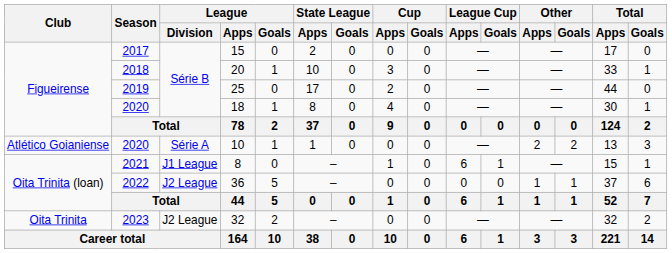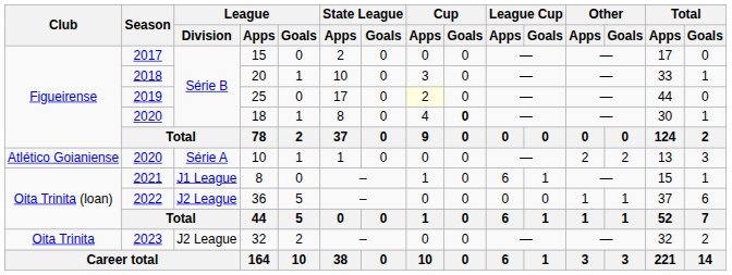 <table class="wikitable" style="text-align: center">
 <tr>
 <th rowspan="2">Club</th>
 <th rowspan="2">Season</th>
 <th colspan="3">League</th>
 <th colspan="2">State League</th>
 <th colspan="2">Cup</th>
 <th colspan="2">League Cup</th>
 <th colspan="2">Other</th>
 <th colspan="2">Total</th>
 </tr>
 <tr>
 <th>Division</th>
 <th>Apps</th>
 <th>Goals</th>
 <th>Apps</th>
 <th>Goals</th>
 <th>Apps</th>
 <th>Goals</th>
 <th>Apps</th>
 <th>Goals</th>
 <th>Apps</th>
 <th>Goals</th>
 <th>Apps</th>
 <th>Goals</th>
 </tr>
 <tr>
 <td rowspan="5"><a href='#'>Figueirense</a></td>
 <td><a href='#'>2017</a></td>
 <td rowspan="4"><a href='#'>Série B</a></td>
 <td>15</td>
 <td>0</td>
 <td>2</td>
 <td>0</td>
 <td>0</td>
 <td>0</td>
 <td colspan="2">—</td>
 <td colspan="2">—</td>
 <td>17</td>
 <td>0</td>
 </tr>
 <tr>
 <td><a href='#'>2018</a></td>
 <td>20</td>
 <td>1</td>
 <td>10</td>
 <td>0</td>
 <td>3</td>
 <td>0</td>
 <td colspan="2">—</td>
 <td colspan="2">—</td>
 <td>33</td>
 <td>1</td>
 </tr>
 <tr>
 <td><a href='#'>2019</a></td>
 <td>25</td>
 <td>0</td>
 <td>17</td>
 <td>0</td>
-<td>2</td>
+<td style="background: lightyellow;">2</td>
 <td>0</td>
 <td colspan="2">—</td>
 <td colspan="2">—</td>
 <td>44</td>
 <td>0</td>
 </tr>
 <tr>
 <td><a href='#'>2020</a></td>
 <td>18</td>
 <td>1</td>
 <td>8</td>
 <td>0</td>
 <td>4</td>
-<td>0</td>
+<td><strong>0</strong></td>
 <td colspan="2">—</td>
 <td colspan="2">—</td>
 <td>30</td>
 <td>1</td>
 </tr>
 <tr>
 <th colspan="2"><strong>Total</strong></th>
 <th>78</th>
 <th>2</th>
 <th>37</th>
 <th>0</th>
 <th>9</th>
 <th>0</th>
 <th>0</th>
 <th>0</th>
 <th>0</th>
 <th>0</th>
 <th>124</th>
 <th>2</th>
 </tr>
 <tr>
 <td><a href='#'>Atlético Goianiense</a></td>
 <td><a href='#'>2020</a></td>
 <td><a href='#'>Série A</a></td>
 <td>10</td>
 <td>1</td>
 <td>1</td>
 <td>0</td>
 <td>0</td>
 <td>0</td>
 <td colspan="2">—</td>
 <td>2</td>
 <td>2</td>
 <td>13</td>
 <td>3</td>
 </tr>
 <tr>
 <td rowspan="3"><a href='#'>Oita Trinita</a> (loan)</td>
 <td><a href='#'>2021</a></td>
 <td><a href='#'>J1 League</a></td>
 <td>8</td>
 <td>0</td>
 <td colspan="2">–</td>
 <td>1</td>
 <td>0</td>
 <td>6</td>
 <td>1</td>
 <td colspan="2">—</td>
 <td>15</td>
 <td>1</td>
 </tr>
 <tr>
 <td><a href='#'>2022</a></td>
 <td><a href='#'>J2 League</a></td>
 <td>36</td>
 <td>5</td>
 <td colspan="2">–</td>
 <td>0</td>
 <td>0</td>
 <td>0</td>
 <td>0</td>
 <td>1</td>
 <td>1</td>
 <td>37</td>
 <td>6</td>
 </tr>
 <tr>
 <th colspan="2"><strong>Total</strong></th>
 <th>44</th>
 <th>5</th>
 <th>0</th>
 <th>0</th>
 <th>1</th>
 <th>0</th>
 <th>6</th>
 <th>1</th>
 <th>1</th>
 <th>1</th>
 <th>52</th>
 <th>7</th>
 </tr>
 <tr>
 <td><a href='#'>Oita Trinita</a></td>
 <td><a href='#'>2023</a></td>
 <td>J2 League</td>
 <td>32</td>
 <td>2</td>
 <td colspan="2">–</td>
 <td>0</td>
 <td>0</td>
 <td colspan="2">—</td>
 <td colspan="2">—</td>
 <td>32</td>
 <td>2</td>
 </tr>
 <tr>
 <th colspan="3"><strong>Career total</strong></th>
 <th>164</th>
 <th>10</th>
 <th>38</th>
 <th>0</th>
 <th>10</th>
 <th>0</th>
 <th>6</th>
 <th>1</th>
 <th>3</th>
 <th>3</th>
 <th>221</th>
 <th>14</th>
 </tr>
 </table>
